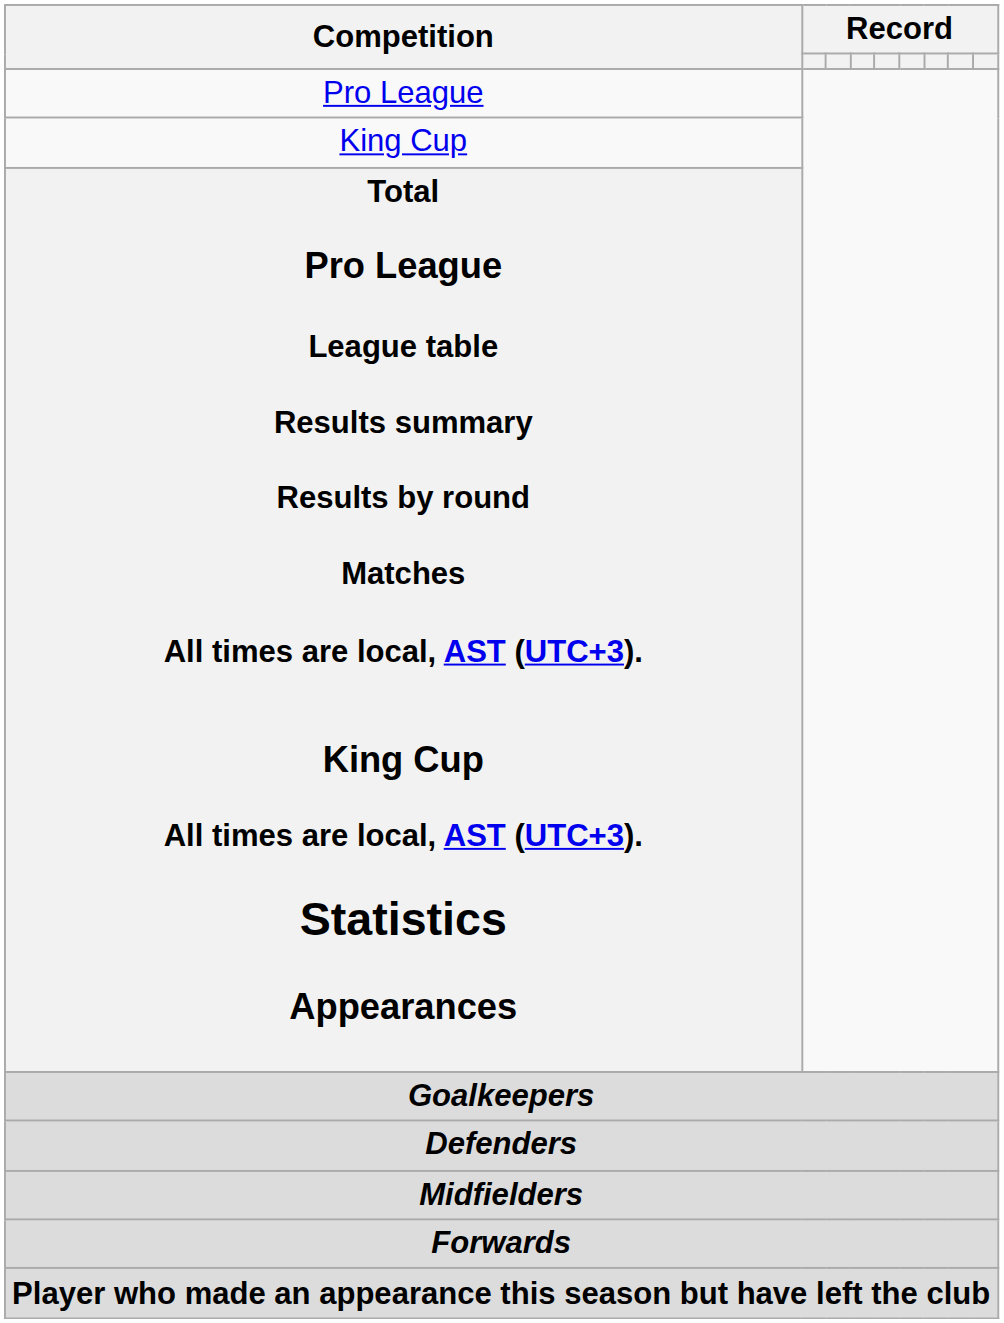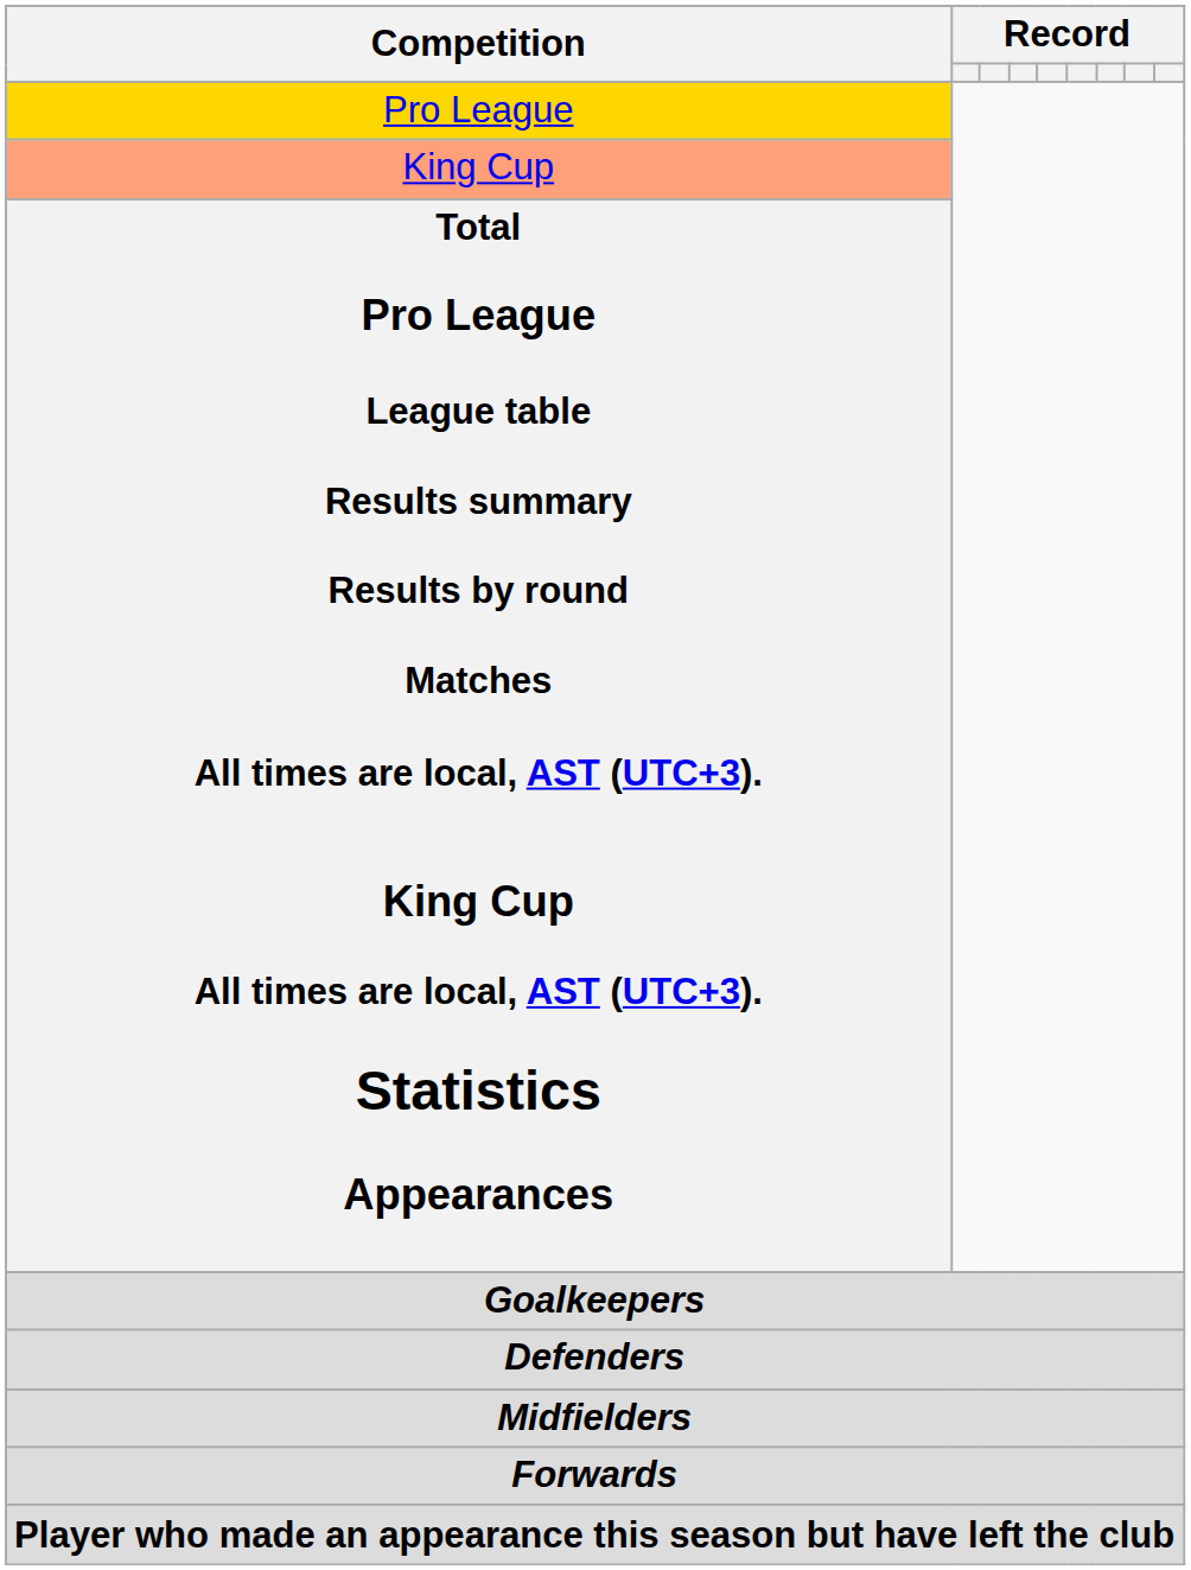 <table class="wikitable" style="text-align: center">
 <tr>
 <th rowspan=2>Competition</th>
 <th colspan=8>Record</th>
 </tr>
 <tr>
 <th></th>
 <th></th>
 <th></th>
 <th></th>
 <th></th>
 <th></th>
 <th></th>
 <th></th>
 </tr>
 <tr>
-<td><a href='#'>Pro League</a><br></td>
+<td style="background: gold;"><a href='#'>Pro League</a><br></td>
 </tr>
 <tr>
-<td><a href='#'>King Cup</a><br></td>
+<td style="background: lightsalmon;"><a href='#'>King Cup</a><br></td>
 </tr>
 <tr>
 <th>Total<br> <h3>Pro League</h3><h4>League table</h4><h4>Results summary</h4> <h4>Results by round</h4><h4>Matches</h4>All times are local, <a href='#'>AST</a> (<a href='#'>UTC+3</a>).<br>   <br>                             <h3>King Cup</h3> All times are local, <a href='#'>AST</a> (<a href='#'>UTC+3</a>).<br><h2>Statistics</h2><h3>Appearances</h3></th>
 </tr>
 <tr>
 <th colspan=10 style=background:#dcdcdc; text-align:center><em>Goalkeepers</em><br>   </th>
 </tr>
 <tr>
 <th colspan=10 style=background:#dcdcdc; text-align:center><em>Defenders</em><br>         </th>
 </tr>
 <tr>
 <th colspan=10 style=background:#dcdcdc; text-align:center><em>Midfielders</em><br>           </th>
 </tr>
 <tr>
 <th colspan=10 style=background:#dcdcdc; text-align:center><em>Forwards</em><br>    </th>
 </tr>
 <tr>
 <th colspan=18 style=background:#dcdcdc; text-align:center>Player who made an appearance this season but have left the club<br>  </th>
 </tr>
 </table>
